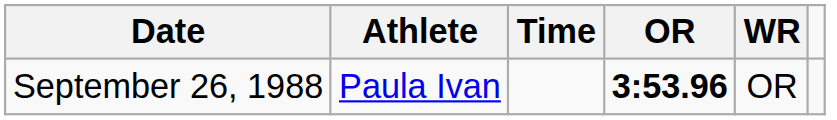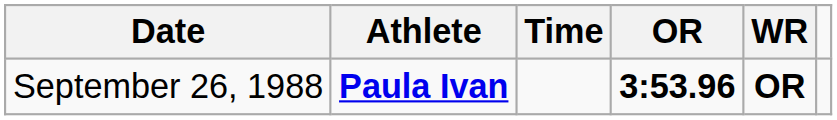 <table class="wikitable sortable" style="text-align:center" style=text-align:center>
 <tr>
 <th>Date</th>
 <th>Athlete</th>
 <th>Time</th>
 <th>OR</th>
 <th>WR</th>
 </tr>
 <tr>
 <td>September 26, 1988</td>
-<td align=left><a href='#'>Paula Ivan</a></td>
+<td align=left><strong><a href='#'>Paula Ivan</a></strong></td>
 <td align=left></td>
 <td><strong>3:53.96</strong></td>
-<td>OR</td>
+<td><strong>OR</strong></td>
 <td></td>
 </tr>
 </table>
